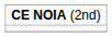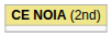 <table class="wikitable" style="text-align: center; margin: 0 auto; width: 20%">
 <tr CERS CUP>
 </tr>
 <tr>
-<td><strong> CE NOIA</strong> (2nd)</td>
+<td style="background: khaki;"><strong> CE NOIA</strong> (2nd)</td>
 </tr>
 <tr>
 <td></td>
 </tr>
 <tr>
 </tr>
 </table>
